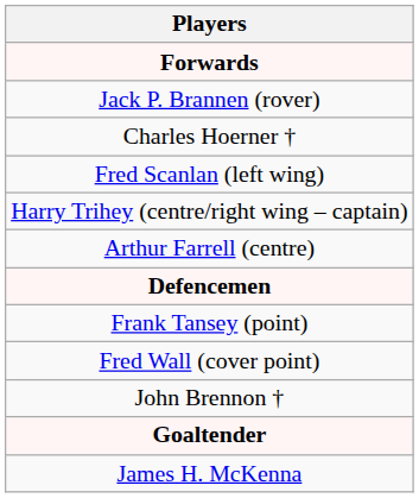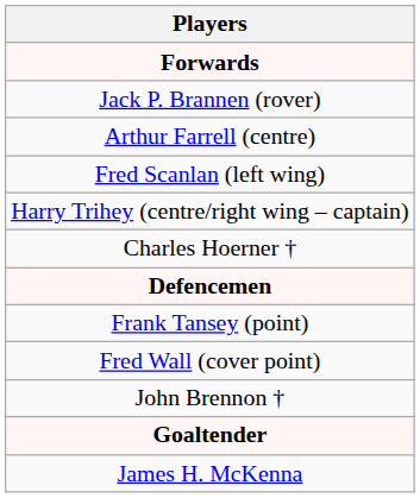 <table class="wikitable" style="text-align:center;">
 <tr>
 <th>Players</th>
 </tr>
 <tr style="font-weight:bold; background-color:#FFF5F5;">
 <td colspan="1" align="center"><strong>Forwards</strong></td>
 </tr>
 <tr>
 <td><a href='#'>Jack P. Brannen</a> (rover)</td>
 </tr>
 <tr>
-<td>Charles Hoerner †</td>
+<td><a href='#'>Arthur Farrell</a> (centre)</td>
 </tr>
 <tr>
 <td><a href='#'>Fred Scanlan</a> (left wing)</td>
 </tr>
 <tr>
 <td><a href='#'>Harry Trihey</a> (centre/right wing – captain)</td>
 </tr>
 <tr>
-<td><a href='#'>Arthur Farrell</a> (centre)</td>
+<td>Charles Hoerner †</td>
 </tr>
 <tr style="font-weight:bold; background-color:#FFF5F5;">
 <td colspan="1" align="center"><strong>Defencemen</strong></td>
 </tr>
 <tr>
 <td><a href='#'>Frank Tansey</a> (point)</td>
 </tr>
 <tr>
 <td><a href='#'>Fred Wall</a> (cover point)</td>
 </tr>
 <tr>
 <td>John Brennon †</td>
 </tr>
 <tr style="font-weight:bold; background-color:#FFF5F5;">
 <td colspan="1" align="center"><strong>Goaltender</strong></td>
 </tr>
 <tr>
 <td><a href='#'>James H. McKenna</a></td>
 </tr>
 </table>
